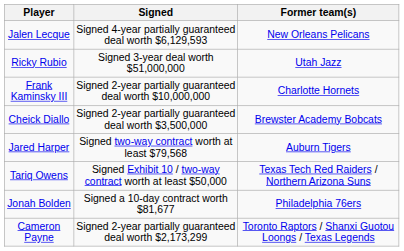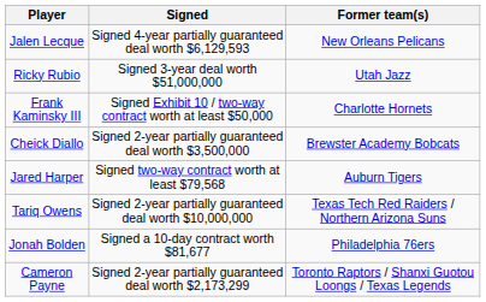 <table class="wikitable sortable sortable">
 <tr>
 <th>Player</th>
 <th>Signed</th>
 <th>Former team(s)</th>
 </tr>
 <tr style="text-align: center">
 <td><a href='#'>Jalen Lecque</a></td>
 <td>Signed 4-year partially guaranteed deal worth $6,129,593</td>
 <td><a href='#'>New Orleans Pelicans</a></td>
 </tr>
 <tr style="text-align: center">
 <td><a href='#'>Ricky Rubio</a></td>
 <td>Signed 3-year deal worth $51,000,000</td>
 <td><a href='#'>Utah Jazz</a></td>
 </tr>
 <tr style="text-align: center">
 <td><a href='#'>Frank Kaminsky III</a></td>
-<td>Signed 2-year partially guaranteed deal worth $10,000,000</td>
+<td>Signed <a href='#'>Exhibit 10</a> / <a href='#'>two-way contract</a> worth at least $50,000</td>
 <td><a href='#'>Charlotte Hornets</a></td>
 </tr>
 <tr style="text-align: center">
 <td><a href='#'>Cheick Diallo</a></td>
 <td>Signed 2-year partially guaranteed deal worth $3,500,000</td>
 <td><a href='#'>Brewster Academy Bobcats</a></td>
 </tr>
 <tr style="text-align: center">
 <td><a href='#'>Jared Harper</a></td>
 <td>Signed <a href='#'>two-way contract</a> worth at least $79,568</td>
 <td><a href='#'>Auburn Tigers</a></td>
 </tr>
 <tr style="text-align: center">
 <td><a href='#'>Tariq Owens</a></td>
-<td>Signed <a href='#'>Exhibit 10</a> / <a href='#'>two-way contract</a> worth at least $50,000</td>
+<td>Signed 2-year partially guaranteed deal worth $10,000,000</td>
 <td><a href='#'>Texas Tech Red Raiders</a> / <a href='#'>Northern Arizona Suns</a></td>
 </tr>
 <tr style="text-align: center">
 <td><a href='#'>Jonah Bolden</a></td>
 <td>Signed a 10-day contract worth $81,677</td>
 <td><a href='#'>Philadelphia 76ers</a></td>
 </tr>
 <tr style="text-align: center">
 <td><a href='#'>Cameron Payne</a></td>
 <td>Signed 2-year partially guaranteed deal worth $2,173,299</td>
 <td> <a href='#'>Toronto Raptors</a> /  <a href='#'>Shanxi Guotou Loongs</a> / <a href='#'>Texas Legends</a></td>
 </tr>
 </table>
